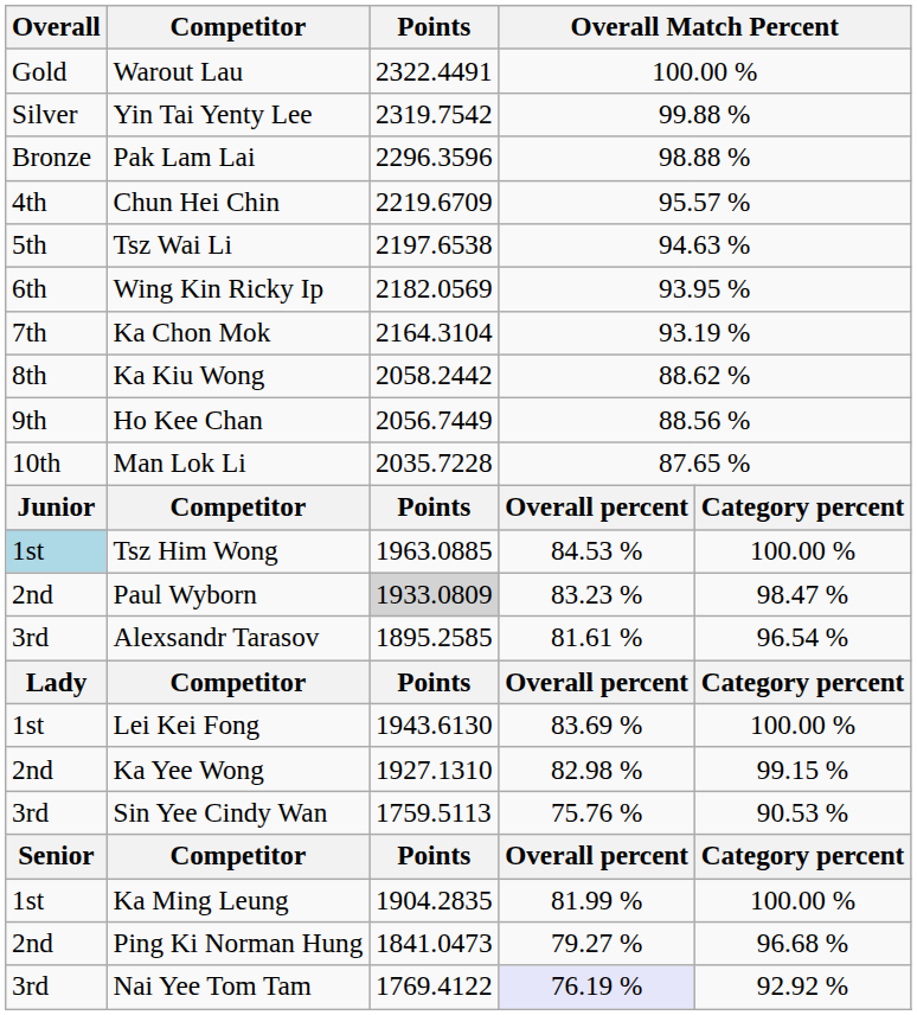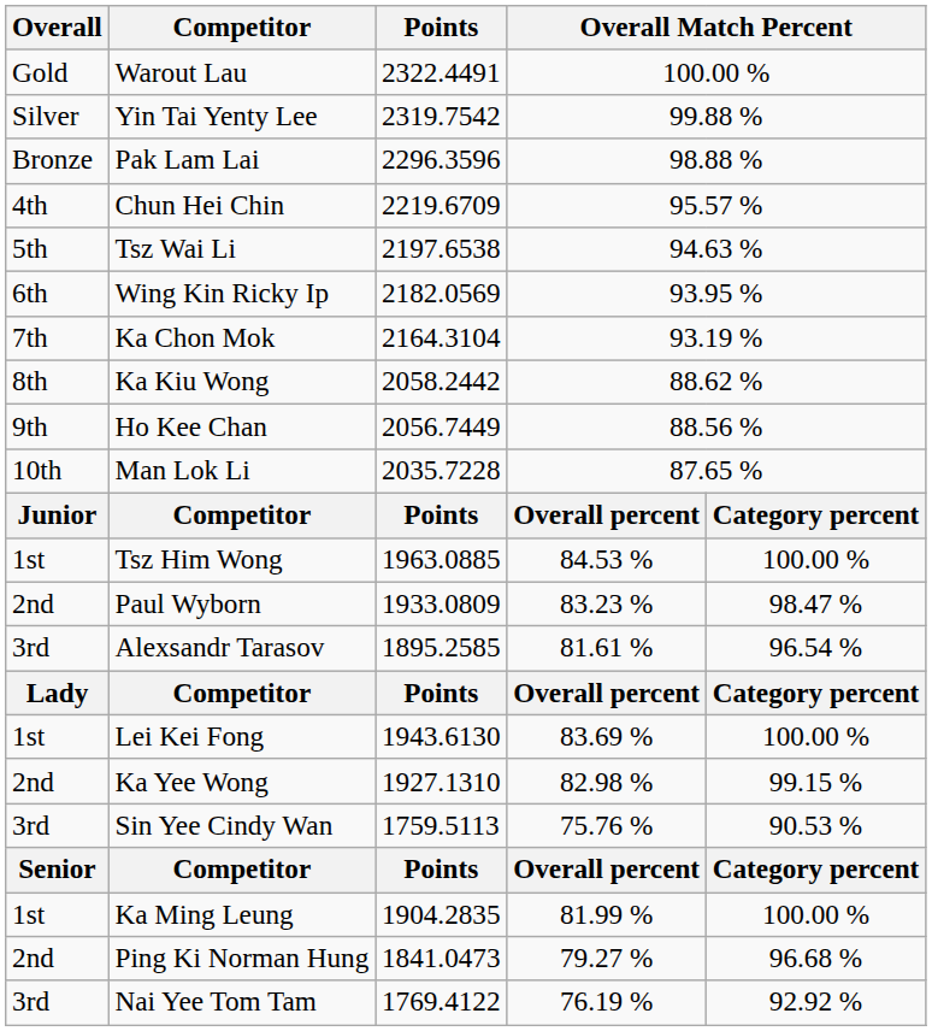 <table class="wikitable" style="text-align: left;">
 <tr>
 <th>Overall</th>
 <th>Competitor</th>
 <th>Points</th>
 <th colspan="2">Overall Match Percent</th>
 </tr>
 <tr>
 <td> Gold</td>
 <td> Warout Lau</td>
 <td>2322.4491</td>
 <td colspan="2" style="text-align: center;">100.00 %</td>
 </tr>
 <tr>
 <td> Silver</td>
 <td> Yin Tai Yenty Lee</td>
 <td>2319.7542</td>
 <td colspan="2" style="text-align: center;">99.88 %</td>
 </tr>
 <tr>
 <td> Bronze</td>
 <td> Pak Lam Lai</td>
 <td>2296.3596</td>
 <td colspan="2" style="text-align: center;">98.88 %</td>
 </tr>
 <tr>
 <td>4th</td>
 <td> Chun Hei Chin</td>
 <td>2219.6709</td>
 <td colspan="2" style="text-align: center;">95.57 %</td>
 </tr>
 <tr>
 <td>5th</td>
 <td> Tsz Wai Li</td>
 <td>2197.6538</td>
 <td colspan="2" style="text-align: center;">94.63 %</td>
 </tr>
 <tr>
 <td>6th</td>
 <td> Wing Kin Ricky Ip</td>
 <td>2182.0569</td>
 <td colspan="2" style="text-align: center;">93.95 %</td>
 </tr>
 <tr>
 <td>7th</td>
 <td> Ka Chon Mok</td>
 <td>2164.3104</td>
 <td colspan="2" style="text-align: center;">93.19 %</td>
 </tr>
 <tr>
 <td>8th</td>
 <td> Ka Kiu Wong</td>
 <td>2058.2442</td>
 <td colspan="2" style="text-align: center;">88.62 %</td>
 </tr>
 <tr>
 <td>9th</td>
 <td> Ho Kee Chan</td>
 <td>2056.7449</td>
 <td colspan="2" style="text-align: center;">88.56 %</td>
 </tr>
 <tr>
 <td>10th</td>
 <td> Man Lok Li</td>
 <td>2035.7228</td>
 <td colspan="2" style="text-align: center;">87.65 %</td>
 </tr>
 <tr>
 <th>Junior</th>
 <th>Competitor</th>
 <th>Points</th>
 <th>Overall percent</th>
 <th>Category percent</th>
 </tr>
 <tr>
-<td style="background: lightblue;">1st</td>
+<td>1st</td>
 <td> Tsz Him Wong</td>
 <td>1963.0885</td>
 <td style="text-align: center;">84.53 %</td>
 <td style="text-align: center;">100.00 %</td>
 </tr>
 <tr>
 <td>2nd</td>
 <td> Paul Wyborn</td>
-<td style="background: lightgrey;">1933.0809</td>
+<td>1933.0809</td>
 <td style="text-align: center;">83.23 %</td>
 <td style="text-align: center;">98.47 %</td>
 </tr>
 <tr>
 <td>3rd</td>
 <td> Alexsandr Tarasov</td>
 <td>1895.2585</td>
 <td style="text-align: center;">81.61 %</td>
 <td style="text-align: center;">96.54 %</td>
 </tr>
 <tr>
 <th>Lady</th>
 <th>Competitor</th>
 <th>Points</th>
 <th>Overall percent</th>
 <th>Category percent</th>
 </tr>
 <tr>
 <td>1st</td>
 <td> Lei Kei Fong</td>
 <td>1943.6130</td>
 <td style="text-align: center;">83.69 %</td>
 <td style="text-align: center;">100.00 %</td>
 </tr>
 <tr>
 <td>2nd</td>
 <td> Ka Yee Wong</td>
 <td>1927.1310</td>
 <td style="text-align: center;">82.98 %</td>
 <td style="text-align: center;">99.15 %</td>
 </tr>
 <tr>
 <td>3rd</td>
 <td> Sin Yee Cindy Wan</td>
 <td>1759.5113</td>
 <td style="text-align: center;">75.76 %</td>
 <td style="text-align: center;">90.53 %</td>
 </tr>
 <tr>
 <th>Senior</th>
 <th>Competitor</th>
 <th>Points</th>
 <th>Overall percent</th>
 <th>Category percent</th>
 </tr>
 <tr>
 <td>1st</td>
 <td> Ka Ming Leung</td>
 <td>1904.2835</td>
 <td style="text-align: center;">81.99 %</td>
 <td style="text-align: center;">100.00 %</td>
 </tr>
 <tr>
 <td>2nd</td>
 <td> Ping Ki Norman Hung</td>
 <td>1841.0473</td>
 <td style="text-align: center;">79.27 %</td>
 <td style="text-align: center;">96.68 %</td>
 </tr>
 <tr>
 <td>3rd</td>
 <td> Nai Yee Tom Tam</td>
 <td>1769.4122</td>
-<td style="background: lavender; text-align: center;">76.19 %</td>
+<td style="text-align: center;">76.19 %</td>
 <td style="text-align: center;">92.92 %</td>
 </tr>
 <tr>
 </tr>
 </table>
